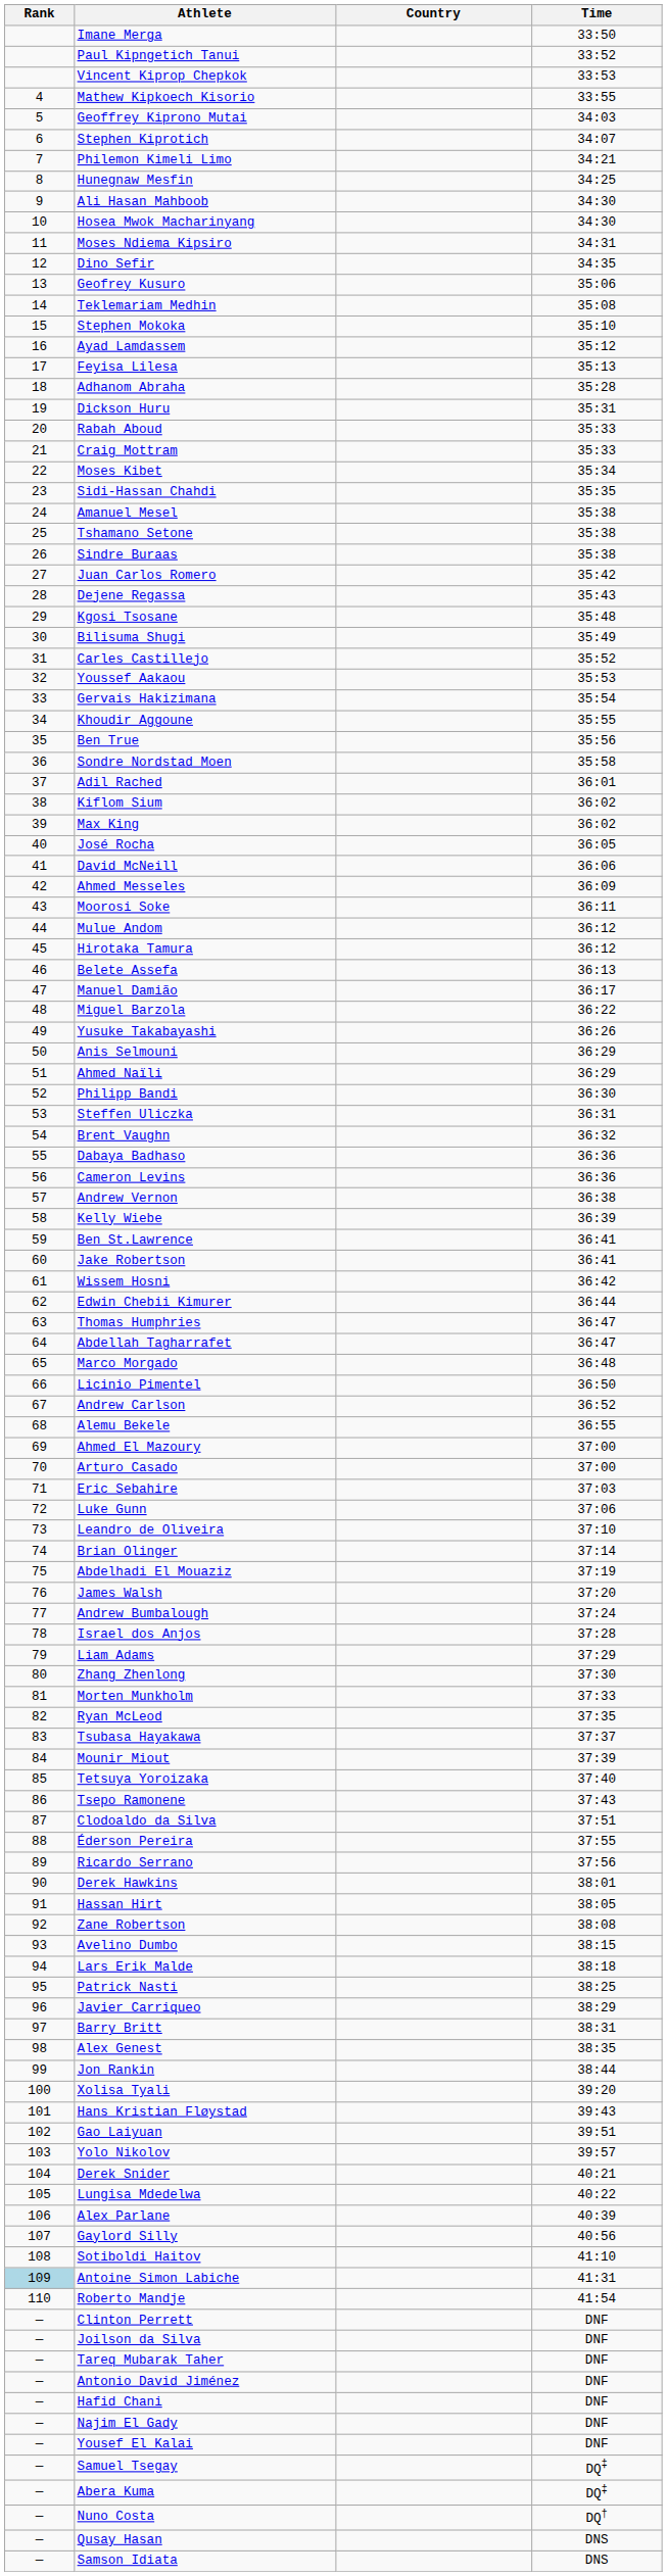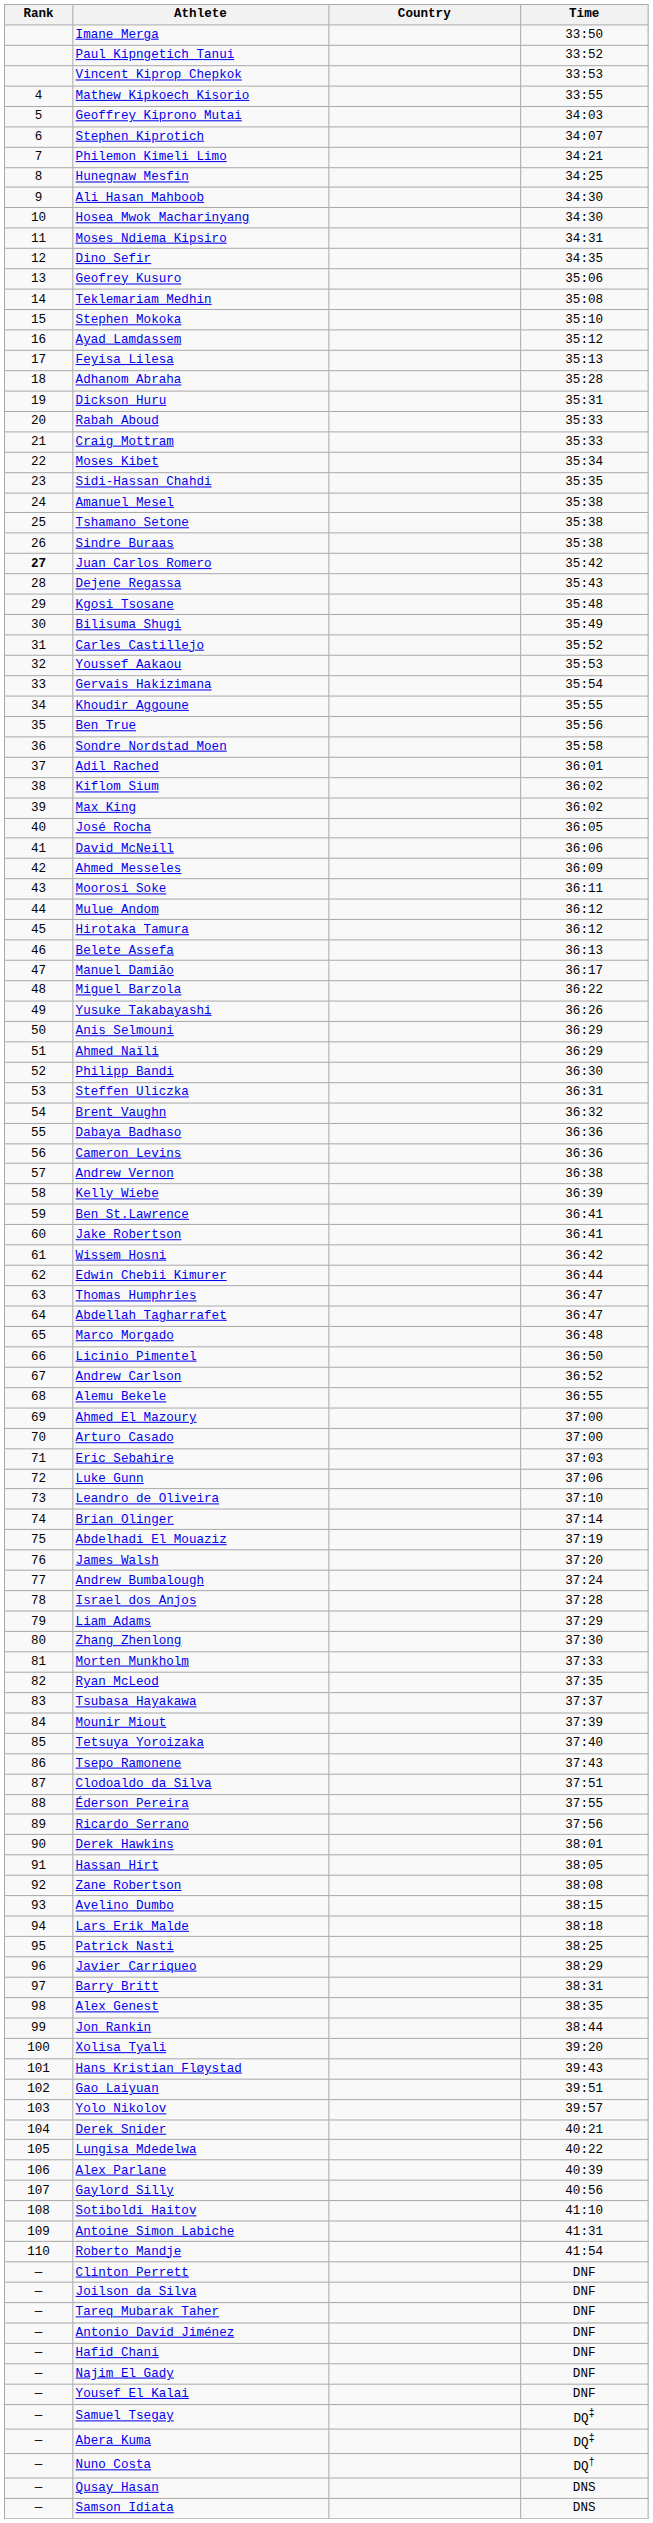 <table class="wikitable sortable" style=" text-align:center; font-size:95%;" width="50%">
 <tr>
 <th width=5%>Rank</th>
 <th width=20%>Athlete</th>
 <th width=15%>Country</th>
 <th width=10%>Time</th>
 </tr>
 <tr>
 <td align=center></td>
 <td align=left><a href='#'>Imane Merga</a></td>
 <td align=left></td>
 <td>33:50</td>
 </tr>
 <tr>
 <td align=center></td>
 <td align=left><a href='#'>Paul Kipngetich Tanui</a></td>
 <td align=left></td>
 <td>33:52</td>
 </tr>
 <tr>
 <td align=center></td>
 <td align=left><a href='#'>Vincent Kiprop Chepkok</a></td>
 <td align=left></td>
 <td>33:53</td>
 </tr>
 <tr>
 <td align=center>4</td>
 <td align=left><a href='#'>Mathew Kipkoech Kisorio</a></td>
 <td align=left></td>
 <td>33:55</td>
 </tr>
 <tr>
 <td align=center>5</td>
 <td align=left><a href='#'>Geoffrey Kiprono Mutai</a></td>
 <td align=left></td>
 <td>34:03</td>
 </tr>
 <tr>
 <td align=center>6</td>
 <td align=left><a href='#'>Stephen Kiprotich</a></td>
 <td align=left></td>
 <td>34:07</td>
 </tr>
 <tr>
 <td align=center>7</td>
 <td align=left><a href='#'>Philemon Kimeli Limo</a></td>
 <td align=left></td>
 <td>34:21</td>
 </tr>
 <tr>
 <td align=center>8</td>
 <td align=left><a href='#'>Hunegnaw Mesfin</a></td>
 <td align=left></td>
 <td>34:25</td>
 </tr>
 <tr>
 <td align=center>9</td>
 <td align=left><a href='#'>Ali Hasan Mahboob</a></td>
 <td align=left></td>
 <td>34:30</td>
 </tr>
 <tr>
 <td align=center>10</td>
 <td align=left><a href='#'>Hosea Mwok Macharinyang</a></td>
 <td align=left></td>
 <td>34:30</td>
 </tr>
 <tr>
 <td align=center>11</td>
 <td align=left><a href='#'>Moses Ndiema Kipsiro</a></td>
 <td align=left></td>
 <td>34:31</td>
 </tr>
 <tr>
 <td align=center>12</td>
 <td align=left><a href='#'>Dino Sefir</a></td>
 <td align=left></td>
 <td>34:35</td>
 </tr>
 <tr>
 <td align=center>13</td>
 <td align=left><a href='#'>Geofrey Kusuro</a></td>
 <td align=left></td>
 <td>35:06</td>
 </tr>
 <tr>
 <td align=center>14</td>
 <td align=left><a href='#'>Teklemariam Medhin</a></td>
 <td align=left></td>
 <td>35:08</td>
 </tr>
 <tr>
 <td align=center>15</td>
 <td align=left><a href='#'>Stephen Mokoka</a></td>
 <td align=left></td>
 <td>35:10</td>
 </tr>
 <tr>
 <td align=center>16</td>
 <td align=left><a href='#'>Ayad Lamdassem</a></td>
 <td align=left></td>
 <td>35:12</td>
 </tr>
 <tr>
 <td align=center>17</td>
 <td align=left><a href='#'>Feyisa Lilesa</a></td>
 <td align=left></td>
 <td>35:13</td>
 </tr>
 <tr>
 <td align=center>18</td>
 <td align=left><a href='#'>Adhanom Abraha</a></td>
 <td align=left></td>
 <td>35:28</td>
 </tr>
 <tr>
 <td align=center>19</td>
 <td align=left><a href='#'>Dickson Huru</a></td>
 <td align=left></td>
 <td>35:31</td>
 </tr>
 <tr>
 <td align=center>20</td>
 <td align=left><a href='#'>Rabah Aboud</a></td>
 <td align=left></td>
 <td>35:33</td>
 </tr>
 <tr>
 <td align=center>21</td>
 <td align=left><a href='#'>Craig Mottram</a></td>
 <td align=left></td>
 <td>35:33</td>
 </tr>
 <tr>
 <td align=center>22</td>
 <td align=left><a href='#'>Moses Kibet</a></td>
 <td align=left></td>
 <td>35:34</td>
 </tr>
 <tr>
 <td align=center>23</td>
 <td align=left><a href='#'>Sidi-Hassan Chahdi</a></td>
 <td align=left></td>
 <td>35:35</td>
 </tr>
 <tr>
 <td align=center>24</td>
 <td align=left><a href='#'>Amanuel Mesel</a></td>
 <td align=left></td>
 <td>35:38</td>
 </tr>
 <tr>
 <td align=center>25</td>
 <td align=left><a href='#'>Tshamano Setone</a></td>
 <td align=left></td>
 <td>35:38</td>
 </tr>
 <tr>
 <td align=center>26</td>
 <td align=left><a href='#'>Sindre Buraas</a></td>
 <td align=left></td>
 <td>35:38</td>
 </tr>
 <tr>
-<td align=center>27</td>
+<td align=center><strong>27</strong></td>
 <td align=left><a href='#'>Juan Carlos Romero</a></td>
 <td align=left></td>
 <td>35:42</td>
 </tr>
 <tr>
 <td align=center>28</td>
 <td align=left><a href='#'>Dejene Regassa</a></td>
 <td align=left></td>
 <td>35:43</td>
 </tr>
 <tr>
 <td align=center>29</td>
 <td align=left><a href='#'>Kgosi Tsosane</a></td>
 <td align=left></td>
 <td>35:48</td>
 </tr>
 <tr>
 <td align=center>30</td>
 <td align=left><a href='#'>Bilisuma Shugi</a></td>
 <td align=left></td>
 <td>35:49</td>
 </tr>
 <tr>
 <td align=center>31</td>
 <td align=left><a href='#'>Carles Castillejo</a></td>
 <td align=left></td>
 <td>35:52</td>
 </tr>
 <tr>
 <td align=center>32</td>
 <td align=left><a href='#'>Youssef Aakaou</a></td>
 <td align=left></td>
 <td>35:53</td>
 </tr>
 <tr>
 <td align=center>33</td>
 <td align=left><a href='#'>Gervais Hakizimana</a></td>
 <td align=left></td>
 <td>35:54</td>
 </tr>
 <tr>
 <td align=center>34</td>
 <td align=left><a href='#'>Khoudir Aggoune</a></td>
 <td align=left></td>
 <td>35:55</td>
 </tr>
 <tr>
 <td align=center>35</td>
 <td align=left><a href='#'>Ben True</a></td>
 <td align=left></td>
 <td>35:56</td>
 </tr>
 <tr>
 <td align=center>36</td>
 <td align=left><a href='#'>Sondre Nordstad Moen</a></td>
 <td align=left></td>
 <td>35:58</td>
 </tr>
 <tr>
 <td align=center>37</td>
 <td align=left><a href='#'>Adil Rached</a></td>
 <td align=left></td>
 <td>36:01</td>
 </tr>
 <tr>
 <td align=center>38</td>
 <td align=left><a href='#'>Kiflom Sium</a></td>
 <td align=left></td>
 <td>36:02</td>
 </tr>
 <tr>
 <td align=center>39</td>
 <td align=left><a href='#'>Max King</a></td>
 <td align=left></td>
 <td>36:02</td>
 </tr>
 <tr>
 <td align=center>40</td>
 <td align=left><a href='#'>José Rocha</a></td>
 <td align=left></td>
 <td>36:05</td>
 </tr>
 <tr>
 <td align=center>41</td>
 <td align=left><a href='#'>David McNeill</a></td>
 <td align=left></td>
 <td>36:06</td>
 </tr>
 <tr>
 <td align=center>42</td>
 <td align=left><a href='#'>Ahmed Messeles</a></td>
 <td align=left></td>
 <td>36:09</td>
 </tr>
 <tr>
 <td align=center>43</td>
 <td align=left><a href='#'>Moorosi Soke</a></td>
 <td align=left></td>
 <td>36:11</td>
 </tr>
 <tr>
 <td align=center>44</td>
 <td align=left><a href='#'>Mulue Andom</a></td>
 <td align=left></td>
 <td>36:12</td>
 </tr>
 <tr>
 <td align=center>45</td>
 <td align=left><a href='#'>Hirotaka Tamura</a></td>
 <td align=left></td>
 <td>36:12</td>
 </tr>
 <tr>
 <td align=center>46</td>
 <td align=left><a href='#'>Belete Assefa</a></td>
 <td align=left></td>
 <td>36:13</td>
 </tr>
 <tr>
 <td align=center>47</td>
 <td align=left><a href='#'>Manuel Damião</a></td>
 <td align=left></td>
 <td>36:17</td>
 </tr>
 <tr>
 <td align=center>48</td>
 <td align=left><a href='#'>Miguel Barzola</a></td>
 <td align=left></td>
 <td>36:22</td>
 </tr>
 <tr>
 <td align=center>49</td>
 <td align=left><a href='#'>Yusuke Takabayashi</a></td>
 <td align=left></td>
 <td>36:26</td>
 </tr>
 <tr>
 <td align=center>50</td>
 <td align=left><a href='#'>Anis Selmouni</a></td>
 <td align=left></td>
 <td>36:29</td>
 </tr>
 <tr>
 <td align=center>51</td>
 <td align=left><a href='#'>Ahmed Naïli</a></td>
 <td align=left></td>
 <td>36:29</td>
 </tr>
 <tr>
 <td align=center>52</td>
 <td align=left><a href='#'>Philipp Bandi</a></td>
 <td align=left></td>
 <td>36:30</td>
 </tr>
 <tr>
 <td align=center>53</td>
 <td align=left><a href='#'>Steffen Uliczka</a></td>
 <td align=left></td>
 <td>36:31</td>
 </tr>
 <tr>
 <td align=center>54</td>
 <td align=left><a href='#'>Brent Vaughn</a></td>
 <td align=left></td>
 <td>36:32</td>
 </tr>
 <tr>
 <td align=center>55</td>
 <td align=left><a href='#'>Dabaya Badhaso</a></td>
 <td align=left></td>
 <td>36:36</td>
 </tr>
 <tr>
 <td align=center>56</td>
 <td align=left><a href='#'>Cameron Levins</a></td>
 <td align=left></td>
 <td>36:36</td>
 </tr>
 <tr>
 <td align=center>57</td>
 <td align=left><a href='#'>Andrew Vernon</a></td>
 <td align=left></td>
 <td>36:38</td>
 </tr>
 <tr>
 <td align=center>58</td>
 <td align=left><a href='#'>Kelly Wiebe</a></td>
 <td align=left></td>
 <td>36:39</td>
 </tr>
 <tr>
 <td align=center>59</td>
 <td align=left><a href='#'>Ben St.Lawrence</a></td>
 <td align=left></td>
 <td>36:41</td>
 </tr>
 <tr>
 <td align=center>60</td>
 <td align=left><a href='#'>Jake Robertson</a></td>
 <td align=left></td>
 <td>36:41</td>
 </tr>
 <tr>
 <td align=center>61</td>
 <td align=left><a href='#'>Wissem Hosni</a></td>
 <td align=left></td>
 <td>36:42</td>
 </tr>
 <tr>
 <td align=center>62</td>
 <td align=left><a href='#'>Edwin Chebii Kimurer</a></td>
 <td align=left></td>
 <td>36:44</td>
 </tr>
 <tr>
 <td align=center>63</td>
 <td align=left><a href='#'>Thomas Humphries</a></td>
 <td align=left></td>
 <td>36:47</td>
 </tr>
 <tr>
 <td align=center>64</td>
 <td align=left><a href='#'>Abdellah Tagharrafet</a></td>
 <td align=left></td>
 <td>36:47</td>
 </tr>
 <tr>
 <td align=center>65</td>
 <td align=left><a href='#'>Marco Morgado</a></td>
 <td align=left></td>
 <td>36:48</td>
 </tr>
 <tr>
 <td align=center>66</td>
 <td align=left><a href='#'>Licinio Pimentel</a></td>
 <td align=left></td>
 <td>36:50</td>
 </tr>
 <tr>
 <td align=center>67</td>
 <td align=left><a href='#'>Andrew Carlson</a></td>
 <td align=left></td>
 <td>36:52</td>
 </tr>
 <tr>
 <td align=center>68</td>
 <td align=left><a href='#'>Alemu Bekele</a></td>
 <td align=left></td>
 <td>36:55</td>
 </tr>
 <tr>
 <td align=center>69</td>
 <td align=left><a href='#'>Ahmed El Mazoury</a></td>
 <td align=left></td>
 <td>37:00</td>
 </tr>
 <tr>
 <td align=center>70</td>
 <td align=left><a href='#'>Arturo Casado</a></td>
 <td align=left></td>
 <td>37:00</td>
 </tr>
 <tr>
 <td align=center>71</td>
 <td align=left><a href='#'>Eric Sebahire</a></td>
 <td align=left></td>
 <td>37:03</td>
 </tr>
 <tr>
 <td align=center>72</td>
 <td align=left><a href='#'>Luke Gunn</a></td>
 <td align=left></td>
 <td>37:06</td>
 </tr>
 <tr>
 <td align=center>73</td>
 <td align=left><a href='#'>Leandro de Oliveira</a></td>
 <td align=left></td>
 <td>37:10</td>
 </tr>
 <tr>
 <td align=center>74</td>
 <td align=left><a href='#'>Brian Olinger</a></td>
 <td align=left></td>
 <td>37:14</td>
 </tr>
 <tr>
 <td align=center>75</td>
 <td align=left><a href='#'>Abdelhadi El Mouaziz</a></td>
 <td align=left></td>
 <td>37:19</td>
 </tr>
 <tr>
 <td align=center>76</td>
 <td align=left><a href='#'>James Walsh</a></td>
 <td align=left></td>
 <td>37:20</td>
 </tr>
 <tr>
 <td align=center>77</td>
 <td align=left><a href='#'>Andrew Bumbalough</a></td>
 <td align=left></td>
 <td>37:24</td>
 </tr>
 <tr>
 <td align=center>78</td>
 <td align=left><a href='#'>Israel dos Anjos</a></td>
 <td align=left></td>
 <td>37:28</td>
 </tr>
 <tr>
 <td align=center>79</td>
 <td align=left><a href='#'>Liam Adams</a></td>
 <td align=left></td>
 <td>37:29</td>
 </tr>
 <tr>
 <td align=center>80</td>
 <td align=left><a href='#'>Zhang Zhenlong</a></td>
 <td align=left></td>
 <td>37:30</td>
 </tr>
 <tr>
 <td align=center>81</td>
 <td align=left><a href='#'>Morten Munkholm</a></td>
 <td align=left></td>
 <td>37:33</td>
 </tr>
 <tr>
 <td align=center>82</td>
 <td align=left><a href='#'>Ryan McLeod</a></td>
 <td align=left></td>
 <td>37:35</td>
 </tr>
 <tr>
 <td align=center>83</td>
 <td align=left><a href='#'>Tsubasa Hayakawa</a></td>
 <td align=left></td>
 <td>37:37</td>
 </tr>
 <tr>
 <td align=center>84</td>
 <td align=left><a href='#'>Mounir Miout</a></td>
 <td align=left></td>
 <td>37:39</td>
 </tr>
 <tr>
 <td align=center>85</td>
 <td align=left><a href='#'>Tetsuya Yoroizaka</a></td>
 <td align=left></td>
 <td>37:40</td>
 </tr>
 <tr>
 <td align=center>86</td>
 <td align=left><a href='#'>Tsepo Ramonene</a></td>
 <td align=left></td>
 <td>37:43</td>
 </tr>
 <tr>
 <td align=center>87</td>
 <td align=left><a href='#'>Clodoaldo da Silva</a></td>
 <td align=left></td>
 <td>37:51</td>
 </tr>
 <tr>
 <td align=center>88</td>
 <td align=left><a href='#'>Éderson Pereira</a></td>
 <td align=left></td>
 <td>37:55</td>
 </tr>
 <tr>
 <td align=center>89</td>
 <td align=left><a href='#'>Ricardo Serrano</a></td>
 <td align=left></td>
 <td>37:56</td>
 </tr>
 <tr>
 <td align=center>90</td>
 <td align=left><a href='#'>Derek Hawkins</a></td>
 <td align=left></td>
 <td>38:01</td>
 </tr>
 <tr>
 <td align=center>91</td>
 <td align=left><a href='#'>Hassan Hirt</a></td>
 <td align=left></td>
 <td>38:05</td>
 </tr>
 <tr>
 <td align=center>92</td>
 <td align=left><a href='#'>Zane Robertson</a></td>
 <td align=left></td>
 <td>38:08</td>
 </tr>
 <tr>
 <td align=center>93</td>
 <td align=left><a href='#'>Avelino Dumbo</a></td>
 <td align=left></td>
 <td>38:15</td>
 </tr>
 <tr>
 <td align=center>94</td>
 <td align=left><a href='#'>Lars Erik Malde</a></td>
 <td align=left></td>
 <td>38:18</td>
 </tr>
 <tr>
 <td align=center>95</td>
 <td align=left><a href='#'>Patrick Nasti</a></td>
 <td align=left></td>
 <td>38:25</td>
 </tr>
 <tr>
 <td align=center>96</td>
 <td align=left><a href='#'>Javier Carriqueo</a></td>
 <td align=left></td>
 <td>38:29</td>
 </tr>
 <tr>
 <td align=center>97</td>
 <td align=left><a href='#'>Barry Britt</a></td>
 <td align=left></td>
 <td>38:31</td>
 </tr>
 <tr>
 <td align=center>98</td>
 <td align=left><a href='#'>Alex Genest</a></td>
 <td align=left></td>
 <td>38:35</td>
 </tr>
 <tr>
 <td align=center>99</td>
 <td align=left><a href='#'>Jon Rankin</a></td>
 <td align=left></td>
 <td>38:44</td>
 </tr>
 <tr>
 <td align=center>100</td>
 <td align=left><a href='#'>Xolisa Tyali</a></td>
 <td align=left></td>
 <td>39:20</td>
 </tr>
 <tr>
 <td align=center>101</td>
 <td align=left><a href='#'>Hans Kristian Fløystad</a></td>
 <td align=left></td>
 <td>39:43</td>
 </tr>
 <tr>
 <td align=center>102</td>
 <td align=left><a href='#'>Gao Laiyuan</a></td>
 <td align=left></td>
 <td>39:51</td>
 </tr>
 <tr>
 <td align=center>103</td>
 <td align=left><a href='#'>Yolo Nikolov</a></td>
 <td align=left></td>
 <td>39:57</td>
 </tr>
 <tr>
 <td align=center>104</td>
 <td align=left><a href='#'>Derek Snider</a></td>
 <td align=left></td>
 <td>40:21</td>
 </tr>
 <tr>
 <td align=center>105</td>
 <td align=left><a href='#'>Lungisa Mdedelwa</a></td>
 <td align=left></td>
 <td>40:22</td>
 </tr>
 <tr>
 <td align=center>106</td>
 <td align=left><a href='#'>Alex Parlane</a></td>
 <td align=left></td>
 <td>40:39</td>
 </tr>
 <tr>
 <td align=center>107</td>
 <td align=left><a href='#'>Gaylord Silly</a></td>
 <td align=left></td>
 <td>40:56</td>
 </tr>
 <tr>
 <td align=center>108</td>
 <td align=left><a href='#'>Sotiboldi Haitov</a></td>
 <td align=left></td>
 <td>41:10</td>
 </tr>
 <tr>
-<td align=center style="background: lightblue;">109</td>
+<td align=center>109</td>
 <td align=left><a href='#'>Antoine Simon Labiche</a></td>
 <td align=left></td>
 <td>41:31</td>
 </tr>
 <tr>
 <td align=center>110</td>
 <td align=left><a href='#'>Roberto Mandje</a></td>
 <td align=left></td>
 <td>41:54</td>
 </tr>
 <tr>
 <td align=center>—</td>
 <td align=left><a href='#'>Clinton Perrett</a></td>
 <td align=left></td>
 <td>DNF</td>
 </tr>
 <tr>
 <td align=center>—</td>
 <td align=left><a href='#'>Joilson da Silva</a></td>
 <td align=left></td>
 <td>DNF</td>
 </tr>
 <tr>
 <td align=center>—</td>
 <td align=left><a href='#'>Tareq Mubarak Taher</a></td>
 <td align=left></td>
 <td>DNF</td>
 </tr>
 <tr>
 <td align=center>—</td>
 <td align=left><a href='#'>Antonio David Jiménez</a></td>
 <td align=left></td>
 <td>DNF</td>
 </tr>
 <tr>
 <td align=center>—</td>
 <td align=left><a href='#'>Hafid Chani</a></td>
 <td align=left></td>
 <td>DNF</td>
 </tr>
 <tr>
 <td align=center>—</td>
 <td align=left><a href='#'>Najim El Gady</a></td>
 <td align=left></td>
 <td>DNF</td>
 </tr>
 <tr>
 <td align=center>—</td>
 <td align=left><a href='#'>Yousef El Kalai</a></td>
 <td align=left></td>
 <td>DNF</td>
 </tr>
 <tr>
 <td align=center>—</td>
 <td align=left><a href='#'>Samuel Tsegay</a></td>
 <td align=left></td>
 <td>DQ<sup>‡</sup></td>
 </tr>
 <tr>
 <td align=center>—</td>
 <td align=left><a href='#'>Abera Kuma</a></td>
 <td align=left></td>
 <td>DQ<sup>‡</sup></td>
 </tr>
 <tr>
 <td align=center>—</td>
 <td align=left><a href='#'>Nuno Costa</a></td>
 <td align=left></td>
 <td>DQ<sup>†</sup></td>
 </tr>
 <tr>
 <td align=center>—</td>
 <td align=left><a href='#'>Qusay Hasan</a></td>
 <td align=left></td>
 <td>DNS</td>
 </tr>
 <tr>
 <td align=center>—</td>
 <td align=left><a href='#'>Samson Idiata</a></td>
 <td align=left></td>
 <td>DNS</td>
 </tr>
 </table>
